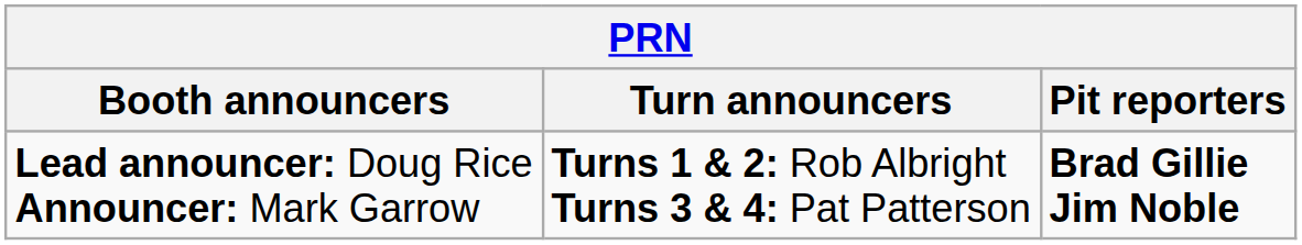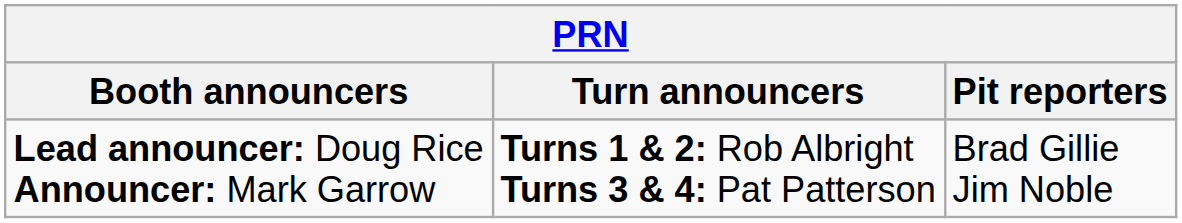 <table class="wikitable" style="font-size: 95%">
 <tr>
 <th colspan="3"><a href='#'>PRN</a></th>
 </tr>
 <tr>
 <th>Booth announcers</th>
 <th>Turn announcers</th>
 <th>Pit reporters</th>
 </tr>
 <tr>
 <td><strong>Lead announcer:</strong> Doug Rice<br><strong>Announcer:</strong> Mark Garrow</td>
 <td><strong>Turns 1 & 2:</strong> Rob Albright<br><strong>Turns 3 & 4:</strong> Pat Patterson</td>
-<td><strong>Brad Gillie<br>Jim Noble</strong></td>
+<td>Brad Gillie<br>Jim Noble</td>
 </tr>
 </table>
